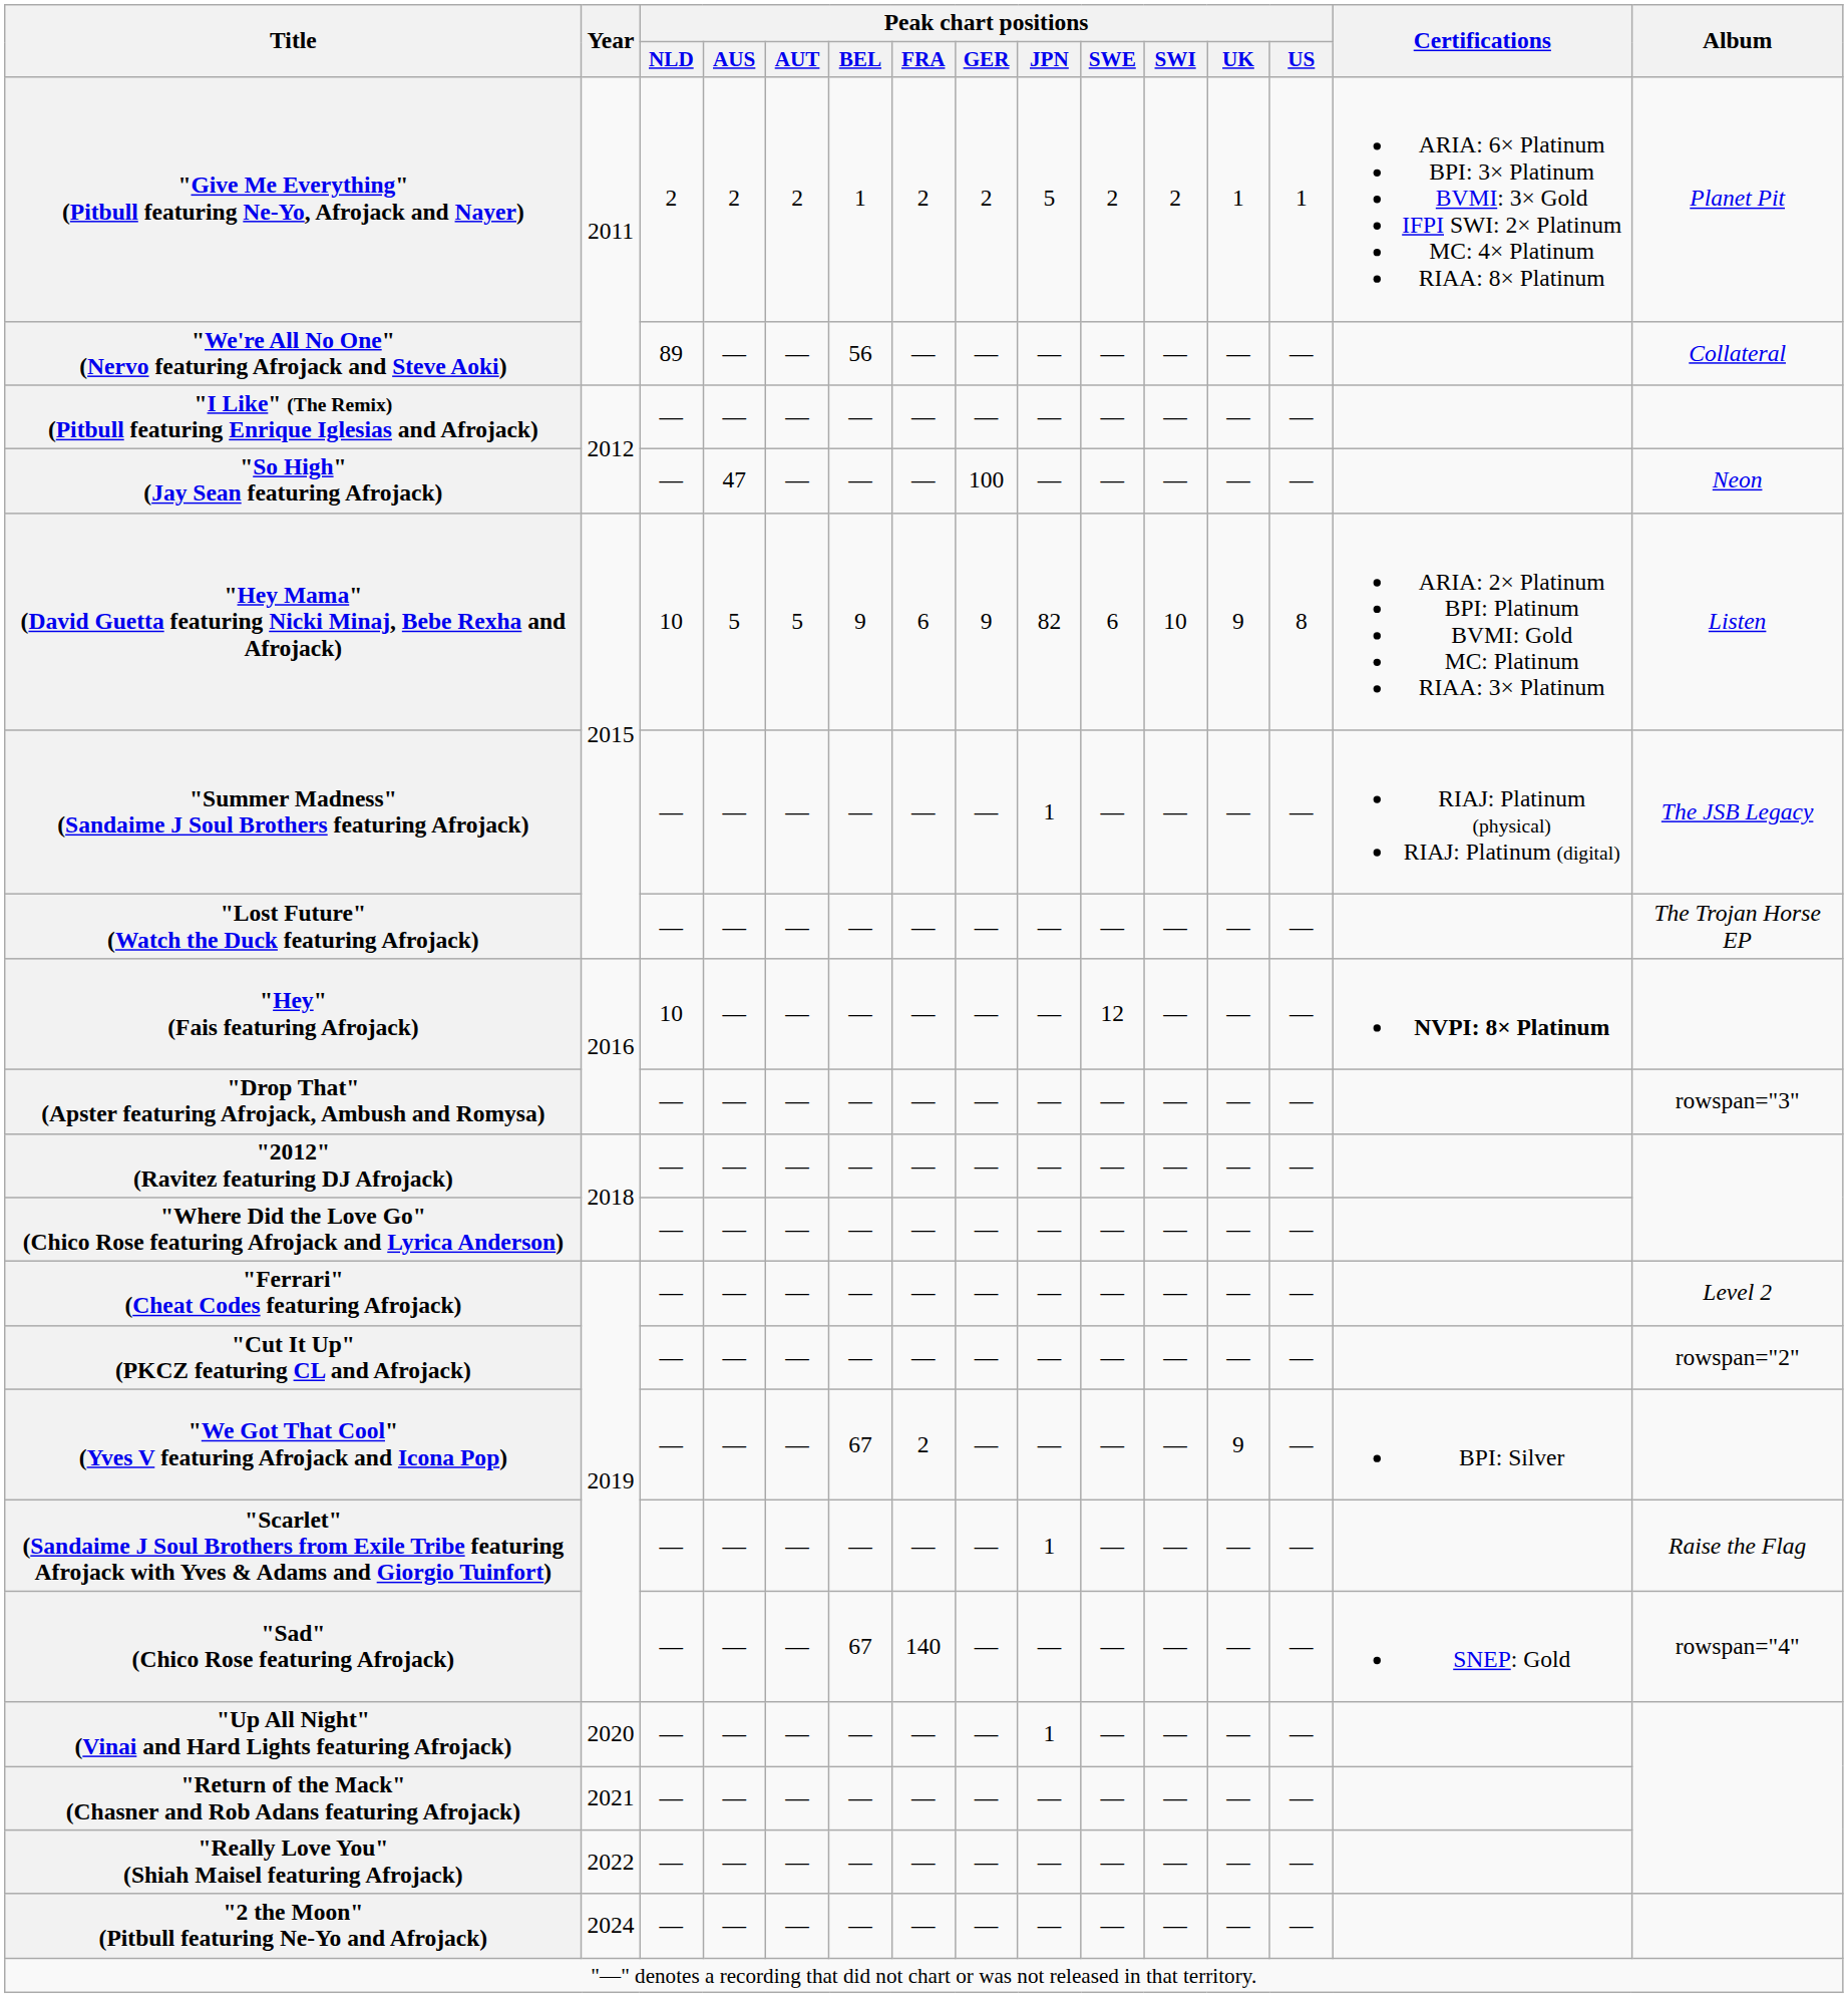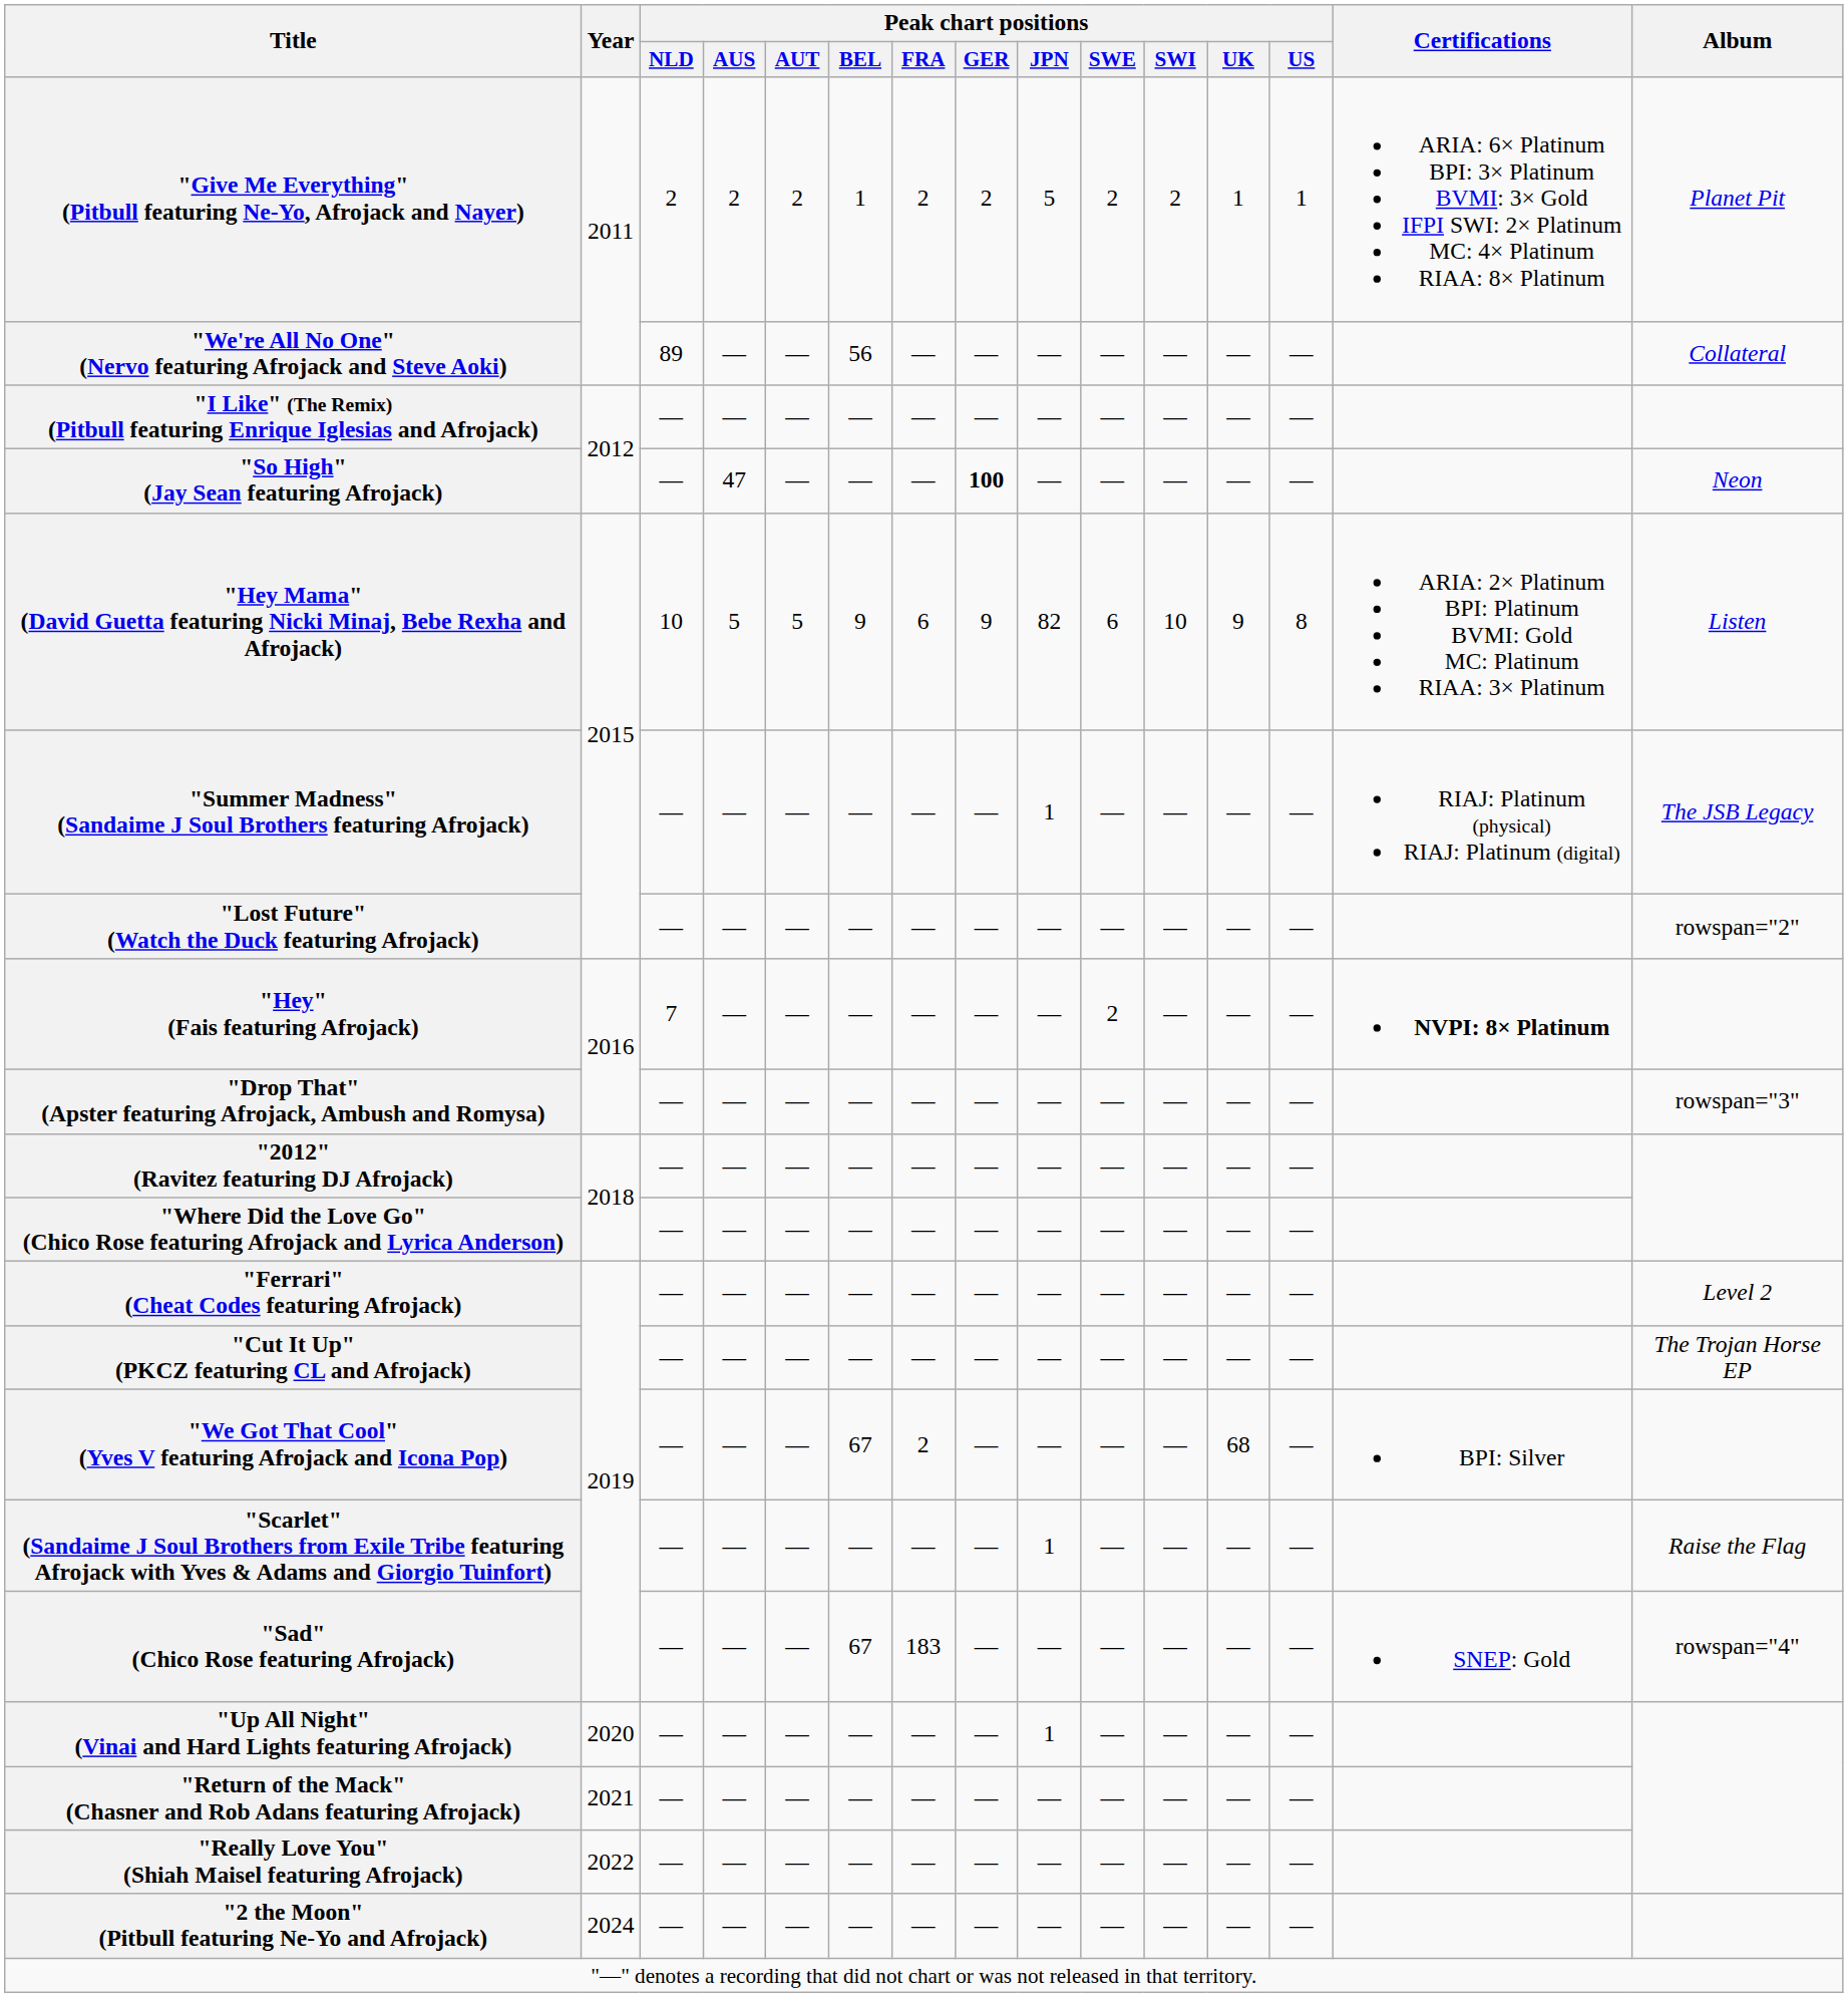 <table class="wikitable plainrowheaders" style="text-align:center;" border="1">
 <tr>
 <th scope="col" rowspan="2" style="width:24em;">Title</th>
 <th scope="col" rowspan="2">Year</th>
 <th scope="col" colspan="11">Peak chart positions</th>
 <th scope="col" rowspan="2"><a href='#'>Certifications</a></th>
 <th scope="col" rowspan="2">Album</th>
 </tr>
 <tr>
 <th scope="col" style="width:2.5em;font-size:90%;"><a href='#'>NLD</a></th>
 <th scope="col" style="width:2.5em;font-size:90%;"><a href='#'>AUS</a></th>
 <th scope="col" style="width:2.5em;font-size:90%;"><a href='#'>AUT</a></th>
 <th scope="col" style="width:2.5em;font-size:90%;"><a href='#'>BEL</a><br></th>
 <th scope="col" style="width:2.5em;font-size:90%;"><a href='#'>FRA</a></th>
 <th scope="col" style="width:2.5em;font-size:90%;"><a href='#'>GER</a></th>
 <th scope="col" style="width:2.5em;font-size:90%;"><a href='#'>JPN</a></th>
 <th scope="col" style="width:2.5em;font-size:90%;"><a href='#'>SWE</a></th>
 <th scope="col" style="width:2.5em;font-size:90%;"><a href='#'>SWI</a></th>
 <th scope="col" style="width:2.5em;font-size:90%;"><a href='#'>UK</a></th>
 <th scope="col" style="width:2.5em;font-size:90%;"><a href='#'>US</a></th>
 </tr>
 <tr>
 <th scope="row">"<a href='#'>Give Me Everything</a>" <br><span>(<a href='#'>Pitbull</a> featuring <a href='#'>Ne-Yo</a>, Afrojack and <a href='#'>Nayer</a>)</span></th>
 <td rowspan="2">2011</td>
 <td>2</td>
 <td>2</td>
 <td>2</td>
 <td>1</td>
 <td>2</td>
 <td>2</td>
 <td>5</td>
 <td>2</td>
 <td>2</td>
 <td>1</td>
 <td>1</td>
 <td><br><ul><li>ARIA: 6× Platinum</li><li>BPI: 3× Platinum</li><li><a href='#'>BVMI</a>: 3× Gold</li><li><a href='#'>IFPI</a> SWI: 2× Platinum</li><li>MC: 4× Platinum</li><li>RIAA: 8× Platinum</li></ul></td>
 <td><em><a href='#'>Planet Pit</a></em></td>
 </tr>
 <tr>
 <th scope="row">"<a href='#'>We're All No One</a>" <br><span>(<a href='#'>Nervo</a> featuring Afrojack and <a href='#'>Steve Aoki</a>)</span></th>
 <td>89</td>
 <td>—</td>
 <td>—</td>
 <td>56</td>
 <td>—</td>
 <td>—</td>
 <td>—</td>
 <td>—</td>
 <td>—</td>
 <td>—</td>
 <td>—</td>
 <td></td>
 <td><em><a href='#'>Collateral</a></em></td>
 </tr>
 <tr>
 <th scope="row">"<a href='#'>I Like</a>" <small>(The Remix)</small> <br><span>(<a href='#'>Pitbull</a> featuring <a href='#'>Enrique Iglesias</a> and Afrojack)</span></th>
 <td rowspan="2">2012</td>
 <td>—</td>
 <td>—</td>
 <td>—</td>
 <td>—</td>
 <td>—</td>
 <td>—</td>
 <td>—</td>
 <td>—</td>
 <td>—</td>
 <td>—</td>
 <td>—</td>
 <td></td>
 <td></td>
 </tr>
 <tr>
 <th scope="row">"<a href='#'>So High</a>" <br><span>(<a href='#'>Jay Sean</a> featuring Afrojack)</span></th>
 <td>—</td>
 <td>47</td>
 <td>—</td>
 <td>—</td>
 <td>—</td>
-<td>100</td>
+<td><strong>100</strong></td>
 <td>—</td>
 <td>—</td>
 <td>—</td>
 <td>—</td>
 <td>—</td>
 <td></td>
 <td><em><a href='#'>Neon</a></em></td>
 </tr>
 <tr>
 <th scope="row">"<a href='#'>Hey Mama</a>" <br><span>(<a href='#'>David Guetta</a> featuring <a href='#'>Nicki Minaj</a>, <a href='#'>Bebe Rexha</a> and Afrojack)</span></th>
 <td rowspan="3">2015</td>
 <td>10</td>
 <td>5</td>
 <td>5</td>
 <td>9</td>
 <td>6</td>
 <td>9</td>
 <td>82</td>
 <td>6</td>
 <td>10</td>
 <td>9</td>
 <td>8</td>
 <td><br><ul><li>ARIA: 2× Platinum</li><li>BPI: Platinum</li><li>BVMI: Gold</li><li>MC: Platinum</li><li>RIAA: 3× Platinum</li></ul></td>
 <td><em><a href='#'>Listen</a></em></td>
 </tr>
 <tr>
 <th scope="row">"Summer Madness" <br><span>(<a href='#'>Sandaime J Soul Brothers</a> featuring Afrojack)</span></th>
 <td>—</td>
 <td>—</td>
 <td>—</td>
 <td>—</td>
 <td>—</td>
 <td>—</td>
 <td>1</td>
 <td>—</td>
 <td>—</td>
 <td>—</td>
 <td>—</td>
 <td><br><ul><li>RIAJ: Platinum <small>(physical)</small></li><li>RIAJ: Platinum <small>(digital)</small></li></ul></td>
 <td><em><a href='#'>The JSB Legacy</a></em></td>
 </tr>
 <tr>
 <th scope="row">"Lost Future"<br><span>(<a href='#'>Watch the Duck</a> featuring Afrojack)</span></th>
 <td>—</td>
 <td>—</td>
 <td>—</td>
 <td>—</td>
 <td>—</td>
 <td>—</td>
 <td>—</td>
 <td>—</td>
 <td>—</td>
 <td>—</td>
 <td>—</td>
 <td></td>
-<td><em>The Trojan Horse EP</em></td>
+<td>rowspan="2" </td>
 </tr>
 <tr>
 <th scope="row">"<a href='#'>Hey</a>" <br><span>(Fais featuring Afrojack)</span></th>
 <td rowspan="2">2016</td>
-<td>10</td>
+<td>7</td>
 <td>—</td>
 <td>—</td>
 <td>—</td>
 <td>—</td>
 <td>—</td>
 <td>—</td>
-<td>12<br></td>
+<td>2</td>
 <td>—</td>
 <td>—</td>
 <td>—</td>
 <td><strong><br><ul><li>NVPI: 8× Platinum</li></ul></strong></td>
 <td></td>
 </tr>
 <tr>
 <th scope="row">"Drop That"<br><span>(Apster featuring Afrojack, Ambush and Romysa)</span></th>
 <td>—</td>
 <td>—</td>
 <td>—</td>
 <td>—</td>
 <td>—</td>
 <td>—</td>
 <td>—</td>
 <td>—</td>
 <td>—</td>
 <td>—</td>
 <td>—</td>
 <td></td>
 <td>rowspan="3" </td>
 </tr>
 <tr>
 <th scope="row">"2012"<br><span>(Ravitez featuring DJ Afrojack)</span></th>
 <td rowspan="2">2018</td>
 <td>—</td>
 <td>—</td>
 <td>—</td>
 <td>—</td>
 <td>—</td>
 <td>—</td>
 <td>—</td>
 <td>—</td>
 <td>—</td>
 <td>—</td>
 <td>—</td>
 <td></td>
 </tr>
 <tr>
 <th scope="row">"Where Did the Love Go"<br><span>(Chico Rose featuring Afrojack and <a href='#'>Lyrica Anderson</a>)</span></th>
 <td>—</td>
 <td>—</td>
 <td>—</td>
 <td>—</td>
 <td>—</td>
 <td>—</td>
 <td>—</td>
 <td>—</td>
 <td>—</td>
 <td>—</td>
 <td>—</td>
 <td></td>
 </tr>
 <tr>
 <th scope="row">"Ferrari" <br><span>(<a href='#'>Cheat Codes</a> featuring Afrojack)</span></th>
 <td rowspan="5">2019</td>
 <td>—</td>
 <td>—</td>
 <td>—</td>
 <td>—</td>
 <td>—</td>
 <td>—</td>
 <td>—</td>
 <td>—</td>
 <td>—</td>
 <td>—</td>
 <td>—</td>
 <td></td>
 <td><em>Level 2</em></td>
 </tr>
 <tr>
 <th scope="row">"Cut It Up" <br><span>(PKCZ featuring <a href='#'>CL</a> and Afrojack)</span></th>
 <td>—</td>
 <td>—</td>
 <td>—</td>
 <td>—</td>
 <td>—</td>
 <td>—</td>
 <td>—</td>
 <td>—</td>
 <td>—</td>
 <td>—</td>
 <td>—</td>
 <td></td>
-<td>rowspan="2" </td>
+<td><em>The Trojan Horse EP</em></td>
 </tr>
 <tr>
 <th scope="row">"<a href='#'>We Got That Cool</a>" <br><span>(<a href='#'>Yves V</a> featuring Afrojack and <a href='#'>Icona Pop</a>)</span></th>
 <td>—</td>
 <td>—</td>
 <td>—</td>
 <td>67</td>
 <td>2</td>
 <td>—</td>
 <td>—</td>
 <td>—</td>
 <td>—</td>
-<td>9</td>
+<td>68<br></td>
 <td>—</td>
 <td><br><ul><li>BPI: Silver</li></ul></td>
 </tr>
 <tr>
 <th scope="row">"Scarlet" <br><span>(<a href='#'>Sandaime J Soul Brothers from Exile Tribe</a> featuring Afrojack with Yves & Adams and <a href='#'>Giorgio Tuinfort</a>)</span></th>
 <td>—</td>
 <td>—</td>
 <td>—</td>
 <td>—</td>
 <td>—</td>
 <td>—</td>
 <td>1</td>
 <td>—</td>
 <td>—</td>
 <td>—</td>
 <td>—</td>
 <td></td>
 <td><em>Raise the Flag</em></td>
 </tr>
 <tr>
 <th scope="row">"Sad" <br><span>(Chico Rose featuring Afrojack)</span></th>
 <td>—</td>
 <td>—</td>
 <td>—</td>
 <td>67</td>
-<td>140<br></td>
+<td>183<br></td>
 <td>—</td>
 <td>—</td>
 <td>—</td>
 <td>—</td>
 <td>—</td>
 <td>—</td>
 <td><br><ul><li><a href='#'>SNEP</a>: Gold</li></ul></td>
 <td>rowspan="4" </td>
 </tr>
 <tr>
 <th scope="row">"Up All Night" <br><span>(<a href='#'>Vinai</a> and Hard Lights featuring Afrojack)</span></th>
 <td>2020</td>
 <td>—</td>
 <td>—</td>
 <td>—</td>
 <td>—</td>
 <td>—</td>
 <td>—</td>
 <td>1</td>
 <td>—</td>
 <td>—</td>
 <td>—</td>
 <td>—</td>
 <td></td>
 </tr>
 <tr>
 <th scope="row">"Return of the Mack" <br><span>(Chasner and Rob Adans featuring Afrojack)</span></th>
 <td>2021</td>
 <td>—</td>
 <td>—</td>
 <td>—</td>
 <td>—</td>
 <td>—</td>
 <td>—</td>
 <td>—</td>
 <td>—</td>
 <td>—</td>
 <td>—</td>
 <td>—</td>
 <td></td>
 </tr>
 <tr>
 <th scope="row">"Really Love You" <br><span>(Shiah Maisel featuring Afrojack)</span></th>
 <td>2022</td>
 <td>—</td>
 <td>—</td>
 <td>—</td>
 <td>—</td>
 <td>—</td>
 <td>—</td>
 <td>—</td>
 <td>—</td>
 <td>—</td>
 <td>—</td>
 <td>—</td>
 <td></td>
 </tr>
 <tr>
 <th scope="row">"2 the Moon" <br><span>(Pitbull featuring Ne-Yo and Afrojack)</span></th>
 <td>2024</td>
 <td>—</td>
 <td>—</td>
 <td>—</td>
 <td>—</td>
 <td>—</td>
 <td>—</td>
 <td>—</td>
 <td>—</td>
 <td>—</td>
 <td>—</td>
 <td>—</td>
 <td></td>
 <td></td>
 </tr>
 <tr>
 <td colspan="15" style="font-size:90%">"—" denotes a recording that did not chart or was not released in that territory.</td>
 </tr>
 </table>
